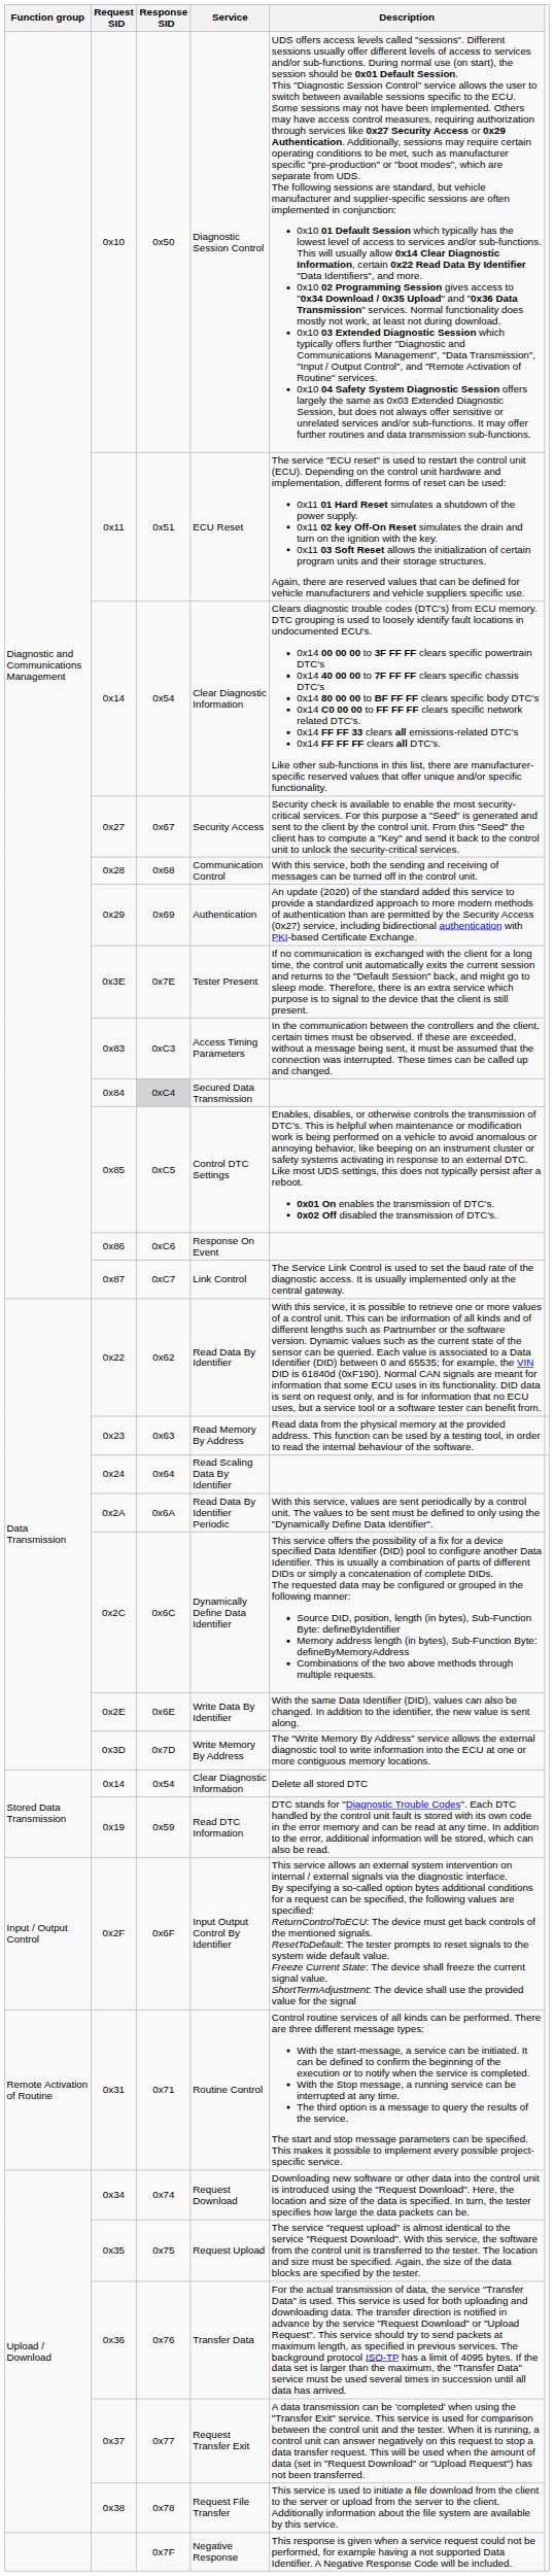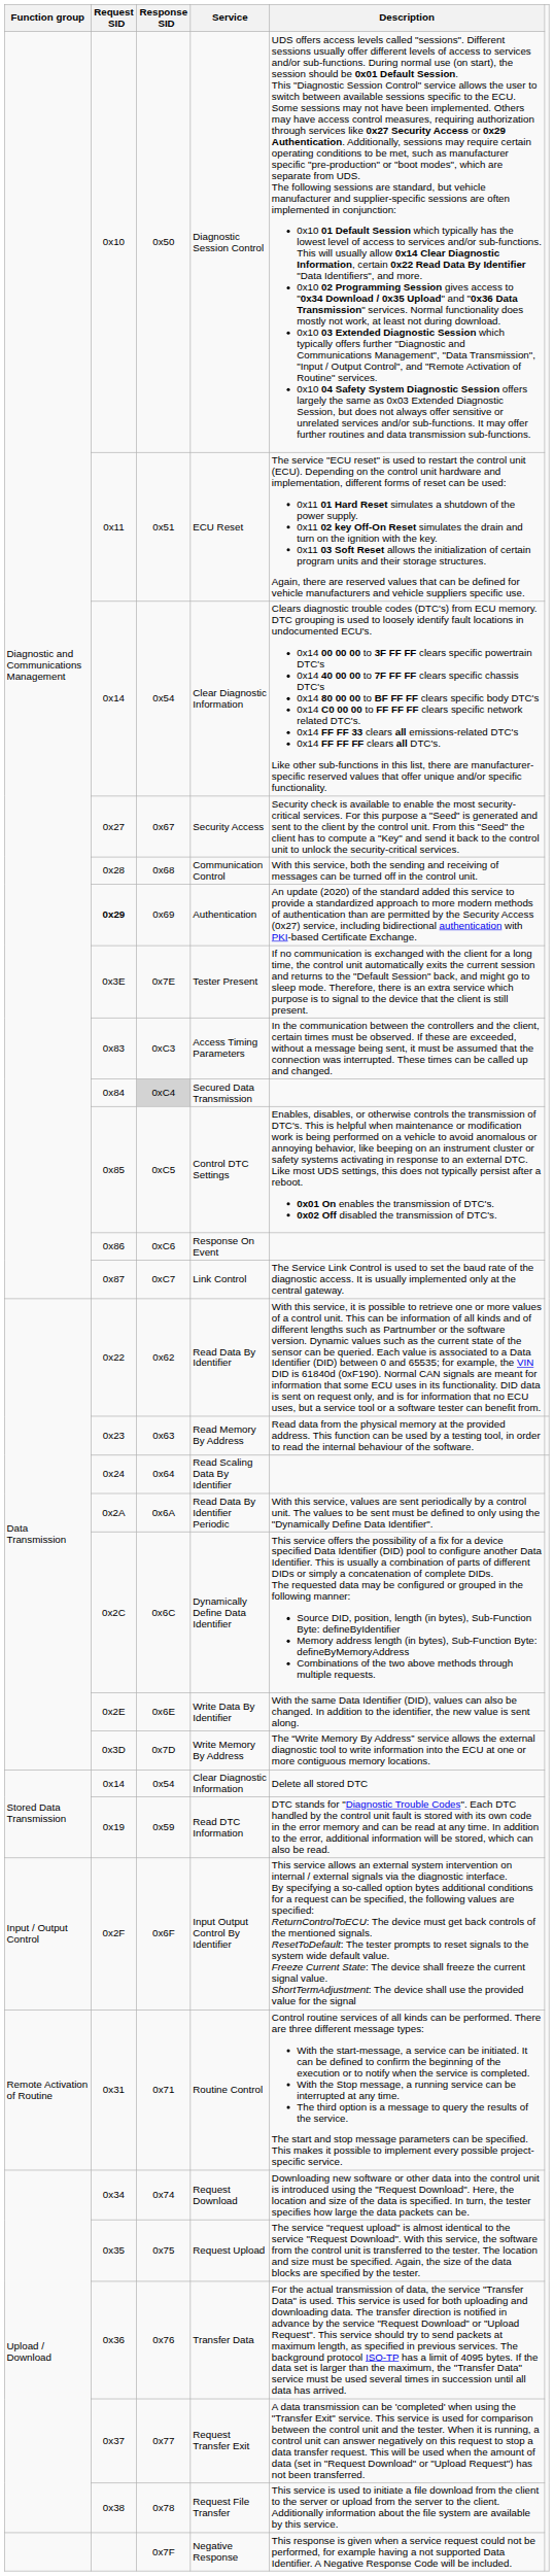 <table Class = "wikitable sortable">
 <tr>
 <th>Function group</th>
 <th>Request   SID</th>
 <th>Response   SID</th>
 <th>Service</th>
 <th>Description</th>
 </tr>
 <tr>
 <td rowspan="12">Diagnostic and Communications Management</td>
 <td Style = "text-align: center">0x10</td>
 <td Style = "text-align: center">0x50</td>
 <td>Diagnostic Session Control</td>
 <td>UDS offers access levels called "sessions". Different sessions usually offer different levels of access to services and/or sub-functions. During normal use (on start), the session should be <strong>0x01 Default Session</strong>.<br>This "Diagnostic Session Control" service allows the user to switch between available sessions specific to the ECU. Some sessions may not have been implemented. Others may have access control measures, requiring authorization through services like <strong>0x27 Security Access</strong> or <strong>0x29 Authentication</strong>. Additionally, sessions may require certain operating conditions to be met, such as manufacturer specific "pre-production" or "boot modes", which are separate from UDS.<br>The following sessions are standard, but vehicle manufacturer and supplier-specific sessions are often implemented in conjunction:<ul><li>0x10 <strong>01 Default Session</strong> which typically has the lowest level of access to services and/or sub-functions. This will usually allow <strong>0x14 Clear Diagnostic Information</strong>, certain <strong>0x22 Read Data By Identifier</strong> "Data Identifiers", and more.</li><li>0x10 <strong>02 Programming Session</strong> gives access to "<strong>0x34 Download / 0x35 Upload</strong>" and "<strong>0x36 Data Transmission</strong>" services. Normal functionality does mostly not work, at least not during download.</li><li>0x10 <strong>03 Extended Diagnostic Session</strong> which typically offers further "Diagnostic and Communications Management", "Data Transmission", "Input / Output Control", and "Remote Activation of Routine" services.</li><li>0x10 <strong>04 Safety System Diagnostic Session</strong> offers largely the same as 0x03 Extended Diagnostic Session, but does not always offer  sensitive or unrelated services and/or sub-functions. It may offer further routines and data transmission sub-functions.</li></ul></td>
 </tr>
 <tr>
 <td Style = "text-align: center">0x11</td>
 <td Style = "text-align: center">0x51</td>
 <td>ECU Reset</td>
 <td>The service "ECU reset" is used to restart the control unit (ECU). Depending on the control unit hardware and implementation, different forms of reset can be used:<br><ul><li>0x11 <strong>01 Hard Reset</strong> simulates a shutdown of the power supply.</li><li>0x11 <strong>02 key Off-On Reset</strong> simulates the drain and turn on the ignition with the key.</li><li>0x11 <strong>03 Soft Reset</strong> allows the initialization of certain program units and their storage structures.</li></ul>Again, there are reserved values that can be defined for vehicle manufacturers and vehicle suppliers specific use.</td>
 </tr>
 <tr>
 <td Style = "text-align: center">0x14</td>
 <td Style = "text-align: center">0x54</td>
 <td>Clear Diagnostic Information</td>
 <td>Clears diagnostic trouble codes (DTC's) from ECU memory. DTC grouping is used to loosely identify fault locations in undocumented ECU's.<br><ul><li>0x14 <strong>00 00 00</strong> to <strong>3F FF FF</strong> clears specific powertrain DTC's</li><li>0x14 <strong>40 00 00</strong> to <strong>7F FF FF</strong> clears specific chassis DTC's</li><li>0x14 <strong>80 00 00</strong> to <strong>BF FF FF</strong> clears specific body DTC's</li><li>0x14 <strong>C0 00 00</strong> to <strong>FF FF FF</strong> clears specific network related DTC's.</li><li>0x14 <strong>FF FF 33</strong> clears <strong>all</strong> emissions-related DTC's</li><li>0x14 <strong>FF FF FF</strong> clears <strong>all</strong> DTC's.</li></ul>Like other sub-functions in this list, there are manufacturer-specific reserved values that offer unique and/or specific functionality.</td>
 </tr>
 <tr>
 <td Style = "text-align: center">0x27</td>
 <td Style = "text-align: center">0x67</td>
 <td>Security Access</td>
 <td>Security check is available to enable the most security-critical services. For this purpose a "Seed" is generated and sent to the client by the control unit. From this "Seed" the client has to compute a "Key" and send it back to the control unit to unlock the security-critical services.</td>
 </tr>
 <tr>
 <td Style = "text-align: center">0x28</td>
 <td Style = "text-align: center">0x68</td>
 <td>Communication Control</td>
 <td>With this service, both the sending and receiving of messages can be turned off in the control unit.</td>
 </tr>
 <tr>
-<td Style = "text-align: center">0x29</td>
+<td Style = "text-align: center"><strong>0x29</strong></td>
 <td Style = "text-align: center">0x69</td>
 <td>Authentication</td>
 <td>An update (2020) of the standard added this service to provide a standardized approach to more modern methods of authentication than are permitted by the Security Access (0x27) service, including bidirectional <a href='#'>authentication</a> with <a href='#'>PKI</a>-based Certificate Exchange.</td>
 </tr>
 <tr>
 <td Style = "text-align: center">0x3E</td>
 <td Style = "text-align: center">0x7E</td>
 <td>Tester Present</td>
 <td>If no communication is exchanged with the client for a long time, the control unit automatically exits the current session and returns to the "Default Session" back, and might go to sleep mode. Therefore, there is an extra service which purpose is to signal to the device that the client is still present.</td>
 </tr>
 <tr>
 <td Style = "text-align: center">0x83</td>
 <td Style = "text-align: center">0xC3</td>
 <td>Access Timing Parameters</td>
 <td>In the communication between the controllers and the client, certain times must be observed. If these are exceeded, without a message being sent, it must be assumed that the connection was interrupted. These times can be called up and changed.</td>
 </tr>
 <tr>
 <td Style = "text-align: center">0x84</td>
 <td Style = "background: lightgrey; text-align: center">0xC4</td>
 <td>Secured Data Transmission</td>
 <td></td>
 </tr>
 <tr>
 <td Style = "text-align: center">0x85</td>
 <td Style = "text-align: center">0xC5</td>
 <td>Control DTC Settings</td>
 <td>Enables, disables, or otherwise controls the transmission of DTC's. This is helpful when maintenance or modification work is being performed on a vehicle to avoid anomalous or annoying behavior, like beeping on an instrument cluster or safety systems activating in response to an external DTC. Like most UDS settings, this does not typically persist after a reboot.<br><ul><li><strong>0x01 On</strong> enables the transmission of DTC's.</li><li><strong>0x02 Off</strong> disabled the transmission of DTC's.</li></ul></td>
 </tr>
 <tr>
 <td Style = "text-align: center">0x86</td>
 <td Style = "text-align: center">0xC6</td>
 <td>Response On Event</td>
 <td></td>
 </tr>
 <tr>
 <td Style = "text-align: center">0x87</td>
 <td Style = "text-align: center">0xC7</td>
 <td>Link Control</td>
 <td>The Service Link Control is used to set the baud rate of the diagnostic access. It is usually implemented only at the central gateway.</td>
 </tr>
 <tr>
 <td Rowspan = 7>Data Transmission</td>
 <td Style = "text-align: center">0x22</td>
 <td Style = "text-align: center">0x62</td>
 <td>Read Data By Identifier</td>
 <td>With this service, it is possible to retrieve one or more values of a control unit. This can be information of all kinds and of different lengths such as Partnumber or the software version. Dynamic values such as the current state of the sensor can be queried. Each value is associated to a Data Identifier (DID) between 0 and 65535; for example, the <a href='#'>VIN</a> DID is 61840d (0xF190). Normal CAN signals are meant for information that some ECU uses in its functionality. DID data is sent on request only, and is for information that no ECU uses, but a service tool or a software tester can benefit from.</td>
 </tr>
 <tr>
 <td Style = "text-align: center">0x23</td>
 <td Style = "text-align: center">0x63</td>
 <td>Read Memory By Address</td>
 <td>Read data from the physical memory at the provided address. This function can be used by a testing tool, in order to read the internal behaviour of the software.</td>
 <td></td>
 </tr>
 <tr>
 <td Style = "text-align: center">0x24</td>
 <td Style = "text-align: center">0x64</td>
 <td>Read Scaling Data By Identifier</td>
 <td></td>
 </tr>
 <tr>
 <td Style = "text-align: center">0x2A</td>
 <td Style = "text-align: center">0x6A</td>
 <td>Read Data By Identifier Periodic</td>
 <td>With this service, values are sent periodically by a control unit. The values to be sent must be defined to only using the "Dynamically Define Data Identifier".</td>
 </tr>
 <tr>
 <td Style = "text-align: center">0x2C</td>
 <td Style = "text-align: center">0x6C</td>
 <td>Dynamically Define Data Identifier</td>
 <td>This service offers the possibility of a fix for a device specified Data Identifier (DID) pool to configure another Data Identifier. This is usually a combination of parts of different DIDs or simply a concatenation of complete DIDs.<br>The requested data may be configured or grouped in the following manner:<ul><li>Source DID, position, length (in bytes), Sub-Function Byte: defineByIdentifier</li><li>Memory address length (in bytes), Sub-Function Byte: defineByMemoryAddress</li><li>Combinations of the two above methods through multiple requests.</li></ul></td>
 </tr>
 <tr>
 <td Style = "text-align: center">0x2E</td>
 <td Style = "text-align: center">0x6E</td>
 <td>Write Data By Identifier</td>
 <td>With the same Data Identifier (DID), values can also be changed. In addition to the identifier, the new value is sent along.</td>
 </tr>
 <tr>
 <td Style = "text-align: center">0x3D</td>
 <td Style = "text-align: center">0x7D</td>
 <td>Write Memory By Address</td>
 <td>The “Write Memory By Address” service allows the external diagnostic tool to write information into the ECU at one or more contiguous memory locations.</td>
 </tr>
 <tr>
 <td Rowspan = 2>Stored Data Transmission</td>
 <td Style = "text-align: center">0x14</td>
 <td Style = "text-align: center">0x54</td>
 <td>Clear Diagnostic Information</td>
 <td>Delete all stored DTC</td>
 </tr>
 <tr>
 <td Style = "text-align: center">0x19</td>
 <td Style = "text-align: center">0x59</td>
 <td>Read DTC Information</td>
 <td>DTC stands for "<a href='#'>Diagnostic Trouble Codes</a>". Each DTC handled by the control unit fault is stored with its own code in the error memory and can be read at any time. In addition to the error, additional information will be stored, which can also be read.</td>
 </tr>
 <tr>
 <td>Input / Output Control</td>
 <td Style = "text-align: center">0x2F</td>
 <td Style = "text-align: center">0x6F</td>
 <td>Input Output Control By Identifier</td>
 <td>This service allows an external system intervention on internal / external signals via the diagnostic interface.<br>By specifying a so-called option bytes additional conditions for a request can be specified, the following values are specified:<br><em>ReturnControlToECU</em>: The device must get back controls of the mentioned signals.<br><em>ResetToDefault</em>: The tester prompts to reset signals to the system wide default value.<br><em>Freeze Current State</em>: The device shall freeze the current signal value.<br><em>ShortTermAdjustment</em>: The device shall use the provided value for the signal</td>
 </tr>
 <tr>
 <td>Remote Activation of Routine</td>
 <td Style = "text-align: center">0x31</td>
 <td Style = "text-align: center">0x71</td>
 <td>Routine Control</td>
 <td>Control routine services of all kinds can be performed. There are three different message types:<br><ul><li>With the start-message, a service can be initiated. It can be defined to confirm the beginning of the execution or to notify when the service is completed.</li><li>With the Stop message, a running service can be interrupted at any time.</li><li>The third option is a message to query the results of the service.</li></ul>The start and stop message parameters can be specified. This makes it possible to implement every possible project-specific service.</td>
 </tr>
 <tr>
 <td Rowspan = 5>Upload / Download</td>
 <td Style = "text-align: center">0x34</td>
 <td Style = "text-align: center">0x74</td>
 <td>Request Download</td>
 <td>Downloading new software or other data into the control unit is introduced using the "Request Download". Here, the location and size of the data is specified. In turn, the tester specifies how large the data packets can be.</td>
 </tr>
 <tr>
 <td Style = "text-align: center">0x35</td>
 <td Style = "text-align: center">0x75</td>
 <td>Request Upload</td>
 <td>The service "request upload" is almost identical to the service "Request Download". With this service, the software from the control unit is transferred to the tester. The location and size must be specified. Again, the size of the data blocks are specified by the tester.</td>
 </tr>
 <tr>
 <td Style = "text-align: center">0x36</td>
 <td Style = "text-align: center">0x76</td>
 <td>Transfer Data</td>
 <td>For the actual transmission of data, the service "Transfer Data" is used. This service is used for both uploading and downloading data. The transfer direction is notified in advance by the service "Request Download" or "Upload Request". This service should try to send packets at maximum length, as specified in previous services. The background protocol <a href='#'>ISO-TP</a> has a limit of 4095 bytes. If the data set is larger than the maximum, the "Transfer Data" service must be used several times in succession until all data has arrived.</td>
 </tr>
 <tr>
 <td Style = "text-align: center">0x37</td>
 <td Style = "text-align: center">0x77</td>
 <td>Request Transfer Exit</td>
 <td>A data transmission can be 'completed' when using the "Transfer Exit" service. This service is used for comparison between the control unit and the tester. When it is running, a control unit can answer negatively on this request to stop a data transfer request. This will be used when the amount of data (set in "Request Download" or "Upload Request") has not been transferred.</td>
 </tr>
 <tr>
 <td Style = "text-align: center">0x38</td>
 <td Style = "text-align: center">0x78</td>
 <td>Request File Transfer</td>
 <td>This service is used to initiate a file download from the client to the server or upload from the server to the client. Additionally information about the file system are available by this service.</td>
 </tr>
 <tr>
 <td></td>
 <td></td>
 <td Style = "text-align: center">0x7F</td>
 <td>Negative Response</td>
 <td>This response is given when a service request could not be performed, for example having a not supported Data Identifier. A Negative Response Code will be included.</td>
 </tr>
 </table>
